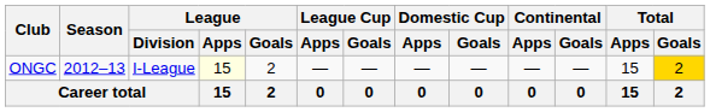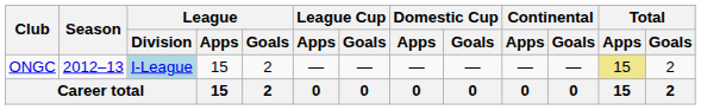 <table class="wikitable" style="text-align: center;">
 <tr>
 <th rowspan="2">Club</th>
 <th rowspan="2">Season</th>
 <th colspan="3">League</th>
 <th colspan="2">League Cup</th>
 <th colspan="2">Domestic Cup</th>
 <th colspan="2">Continental</th>
 <th colspan="2">Total</th>
 </tr>
 <tr>
 <th>Division</th>
 <th>Apps</th>
 <th>Goals</th>
 <th>Apps</th>
 <th>Goals</th>
 <th>Apps</th>
 <th>Goals</th>
 <th>Apps</th>
 <th>Goals</th>
 <th>Apps</th>
 <th>Goals</th>
 </tr>
 <tr>
 <td rowspan="1"><a href='#'>ONGC</a></td>
 <td><a href='#'>2012–13</a></td>
-<td><a href='#'>I-League</a></td>
-<td style="background: lightyellow;">15</td>
+<td style="background: lightblue;"><a href='#'>I-League</a></td>
+<td>15</td>
 <td>2</td>
 <td>—</td>
 <td>—</td>
 <td>—</td>
 <td>—</td>
 <td>—</td>
 <td>—</td>
-<td>15</td>
-<td style="background: gold;">2</td>
+<td style="background: khaki;">15</td>
+<td>2</td>
 </tr>
 <tr>
 <th colspan="3">Career total</th>
 <th>15</th>
 <th>2</th>
 <th>0</th>
 <th>0</th>
 <th>0</th>
 <th>0</th>
 <th>0</th>
 <th>0</th>
 <th>15</th>
 <th>2</th>
 </tr>
 </table>
